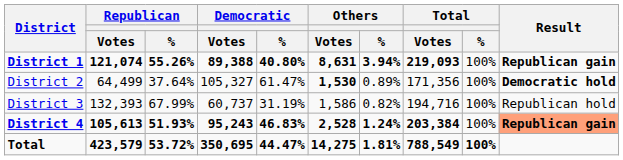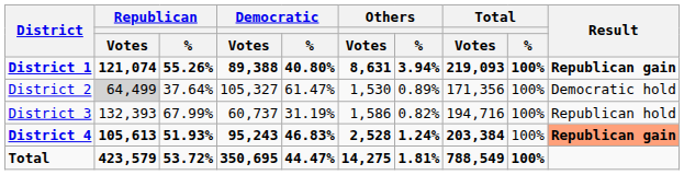 <table class="wikitable plainrowheaders sortable" style="font-size:100%; text-align:right;">
 <tr>
 <th scope=col rowspan=3><a href='#'>District</a></th>
 <th scope=col colspan=2><a href='#'>Republican</a></th>
 <th scope=col colspan=2><a href='#'>Democratic</a></th>
 <th scope=col colspan=2>Others</th>
 <th scope=col colspan=2>Total</th>
 <th scope=col rowspan=3>Result</th>
 </tr>
 <tr>
 <th scope=col colspan=2 style="background:"></th>
 <th scope=col colspan=2 style="background:"></th>
 <th scope=col colspan=2></th>
 <th scope=col colspan=2></th>
 </tr>
 <tr>
 <th scope=col data-sort-type="number">Votes</th>
 <th scope=col data-sort-type="number">%</th>
 <th scope=col data-sort-type="number">Votes</th>
 <th scope=col data-sort-type="number">%</th>
 <th scope=col data-sort-type="number">Votes</th>
 <th scope=col data-sort-type="number">%</th>
 <th scope=col data-sort-type="number">Votes</th>
 <th scope=col data-sort-type="number">%</th>
 </tr>
 <tr>
 <td align=left><strong><a href='#'>District 1</a></strong></td>
 <td><strong>121,074</strong></td>
 <td><strong>55.26%</strong></td>
 <td><strong>89,388</strong></td>
 <td><strong>40.80%</strong></td>
 <td><strong>8,631</strong></td>
 <td><strong>3.94%</strong></td>
 <td><strong>219,093</strong></td>
-<td>100%</td>
+<td><strong>100%</strong></td>
 <td align=left><strong>Republican gain</strong></td>
 </tr>
 <tr>
 <td align=left><a href='#'>District 2</a></td>
-<td>64,499</td>
+<td style="background: lightgrey;">64,499</td>
 <td>37.64%</td>
 <td>105,327</td>
 <td>61.47%</td>
-<td><strong>1,530</strong></td>
+<td>1,530</td>
 <td>0.89%</td>
 <td>171,356</td>
 <td>100%</td>
-<td align=left><strong>Democratic hold</strong></td>
+<td align=left>Democratic hold</td>
 </tr>
 <tr>
 <td align=left><a href='#'>District 3</a></td>
 <td>132,393</td>
 <td>67.99%</td>
 <td>60,737</td>
 <td>31.19%</td>
 <td>1,586</td>
 <td>0.82%</td>
 <td>194,716</td>
 <td>100%</td>
 <td align=left>Republican hold</td>
 </tr>
 <tr>
 <td align=left><strong><a href='#'>District 4</a></strong></td>
 <td><strong>105,613</strong></td>
 <td><strong>51.93%</strong></td>
 <td><strong>95,243</strong></td>
 <td><strong>46.83%</strong></td>
 <td><strong>2,528</strong></td>
 <td><strong>1.24%</strong></td>
 <td><strong>203,384</strong></td>
 <td>100%</td>
 <td align=left style="background: lightsalmon;"><strong>Republican gain</strong></td>
 </tr>
 <tr class="sortbottom" style="font-weight:bold">
 <td align=left>Total</td>
 <td>423,579</td>
 <td>53.72%</td>
 <td>350,695</td>
 <td>44.47%</td>
 <td>14,275</td>
 <td>1.81%</td>
 <td>788,549</td>
 <td>100%</td>
 <td></td>
 </tr>
 </table>
